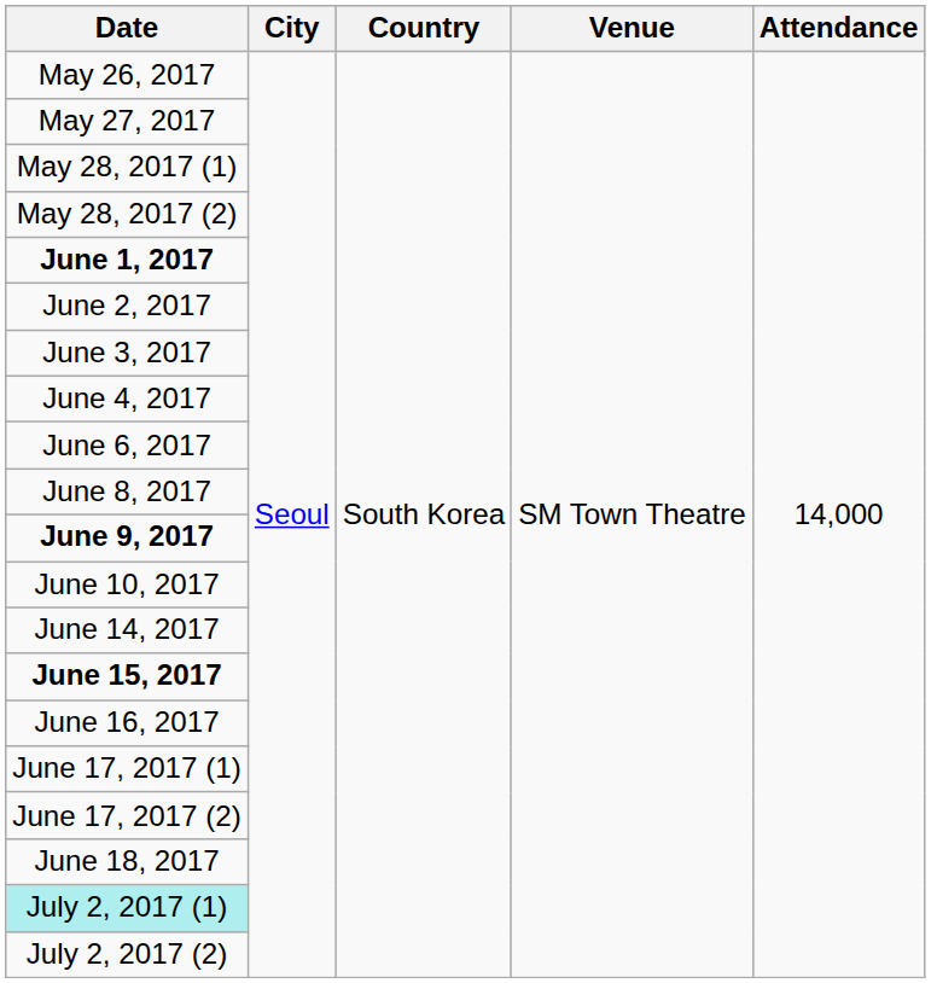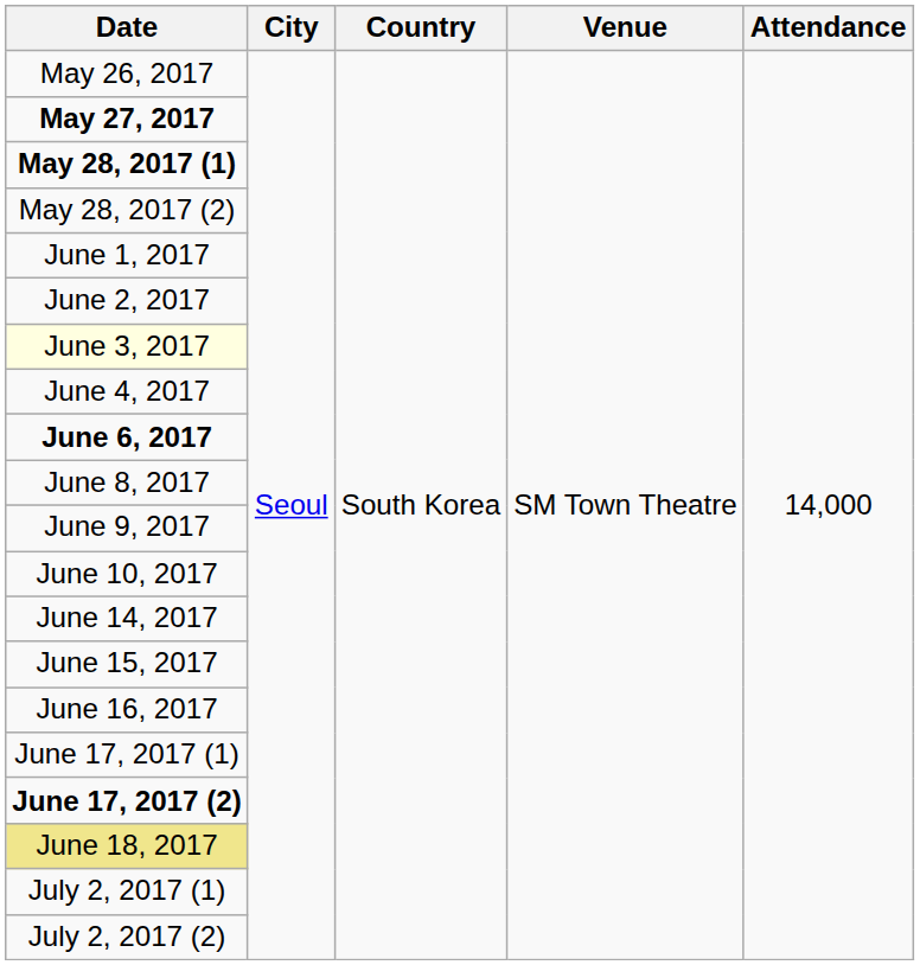 <table class="wikitable" style="text-align:center">
 <tr>
 <th scope="col">Date</th>
 <th scope="col">City</th>
 <th scope="col">Country</th>
 <th scope="col">Venue</th>
 <th scope="col">Attendance</th>
 </tr>
 <tr>
 <td>May 26, 2017</td>
 <td rowspan="20"><a href='#'>Seoul</a></td>
 <td rowspan="20">South Korea</td>
 <td rowspan="20">SM Town Theatre</td>
 <td rowspan="20">14,000</td>
 </tr>
 <tr>
-<td>May 27, 2017</td>
+<td><strong>May 27, 2017</strong></td>
 </tr>
 <tr>
-<td>May 28, 2017 (1)</td>
+<td><strong>May 28, 2017 (1)</strong></td>
 </tr>
 <tr>
 <td>May 28, 2017 (2)</td>
 </tr>
 <tr>
-<td><strong>June 1, 2017</strong></td>
+<td>June 1, 2017</td>
 </tr>
 <tr>
 <td>June 2, 2017</td>
 </tr>
 <tr>
-<td>June 3, 2017</td>
+<td style="background: lightyellow;">June 3, 2017</td>
 </tr>
 <tr>
 <td>June 4, 2017</td>
 </tr>
 <tr>
-<td>June 6, 2017</td>
+<td><strong>June 6, 2017</strong></td>
 </tr>
 <tr>
 <td>June 8, 2017</td>
 </tr>
 <tr>
-<td><strong>June 9, 2017</strong></td>
+<td>June 9, 2017</td>
 </tr>
 <tr>
 <td>June 10, 2017</td>
 </tr>
 <tr>
 <td>June 14, 2017</td>
 </tr>
 <tr>
-<td><strong>June 15, 2017</strong></td>
+<td>June 15, 2017</td>
 </tr>
 <tr>
 <td>June 16, 2017</td>
 </tr>
 <tr>
 <td>June 17, 2017 (1)</td>
 </tr>
 <tr>
-<td>June 17, 2017 (2)</td>
+<td><strong>June 17, 2017 (2)</strong></td>
 </tr>
 <tr>
-<td>June 18, 2017</td>
+<td style="background: khaki;">June 18, 2017</td>
 </tr>
 <tr>
-<td style="background: paleturquoise;">July 2, 2017 (1)</td>
+<td>July 2, 2017 (1)</td>
 </tr>
 <tr>
 <td>July 2, 2017 (2)</td>
 </tr>
 </table>
